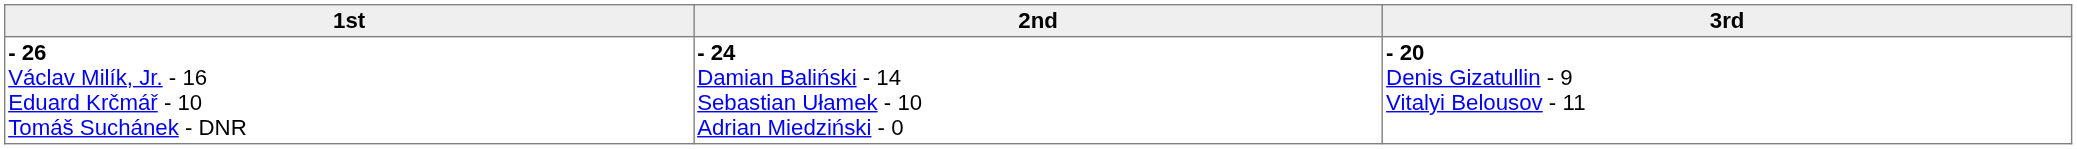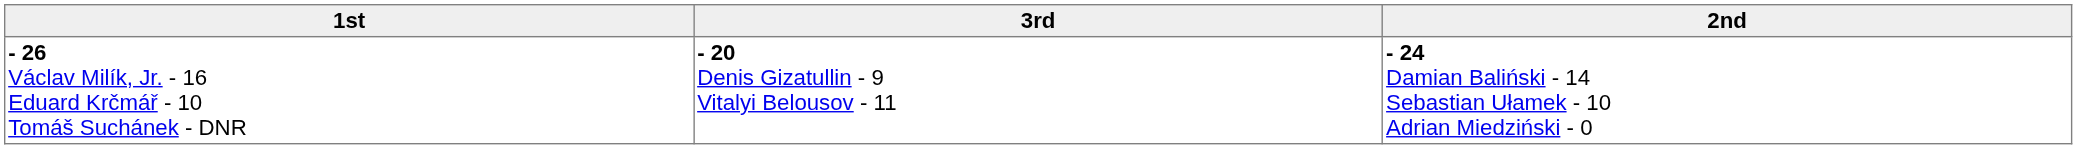 <table border="1" cellpadding="2" cellspacing="0"  style="width:75%; border-collapse:collapse;">
 <tr style="text-align:left; background:#efefef;">
 <th width=15% align=center >1st</th>
+<th width=15% align=center >3rd</th>
 <th width=15% align=center >2nd</th>
-<th width=15% align=center >3rd</th>
 </tr>
 <tr align=left>
 <td valign=top align=left ><strong> - 26</strong><br><a href='#'>Václav Milík, Jr.</a> - 16<br><a href='#'>Eduard Krčmář</a> - 10<br><a href='#'>Tomáš Suchánek</a> - DNR</td>
+<td valign=top align=left ><strong> - 20</strong><br><a href='#'>Denis Gizatullin</a> - 9<br><a href='#'>Vitalyi Belousov</a> - 11</td>
 <td valign=top align=left ><strong> - 24</strong><br><a href='#'>Damian Baliński</a> - 14<br><a href='#'>Sebastian Ułamek</a> - 10<br><a href='#'>Adrian Miedziński</a> - 0</td>
-<td valign=top align=left ><strong> - 20</strong><br><a href='#'>Denis Gizatullin</a> - 9<br><a href='#'>Vitalyi Belousov</a> - 11</td>
 </tr>
 </table>
